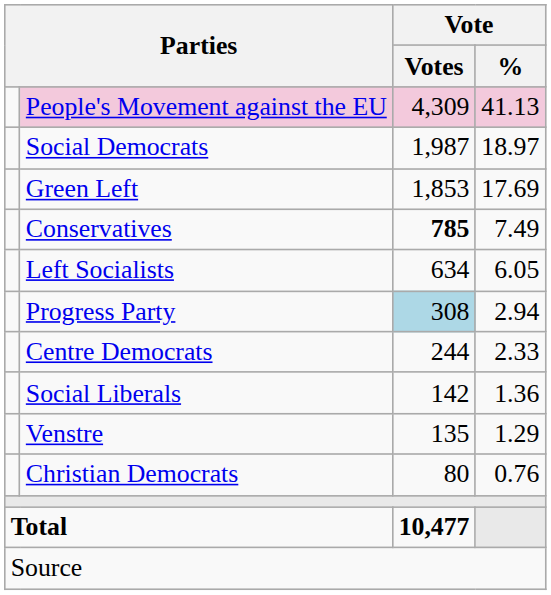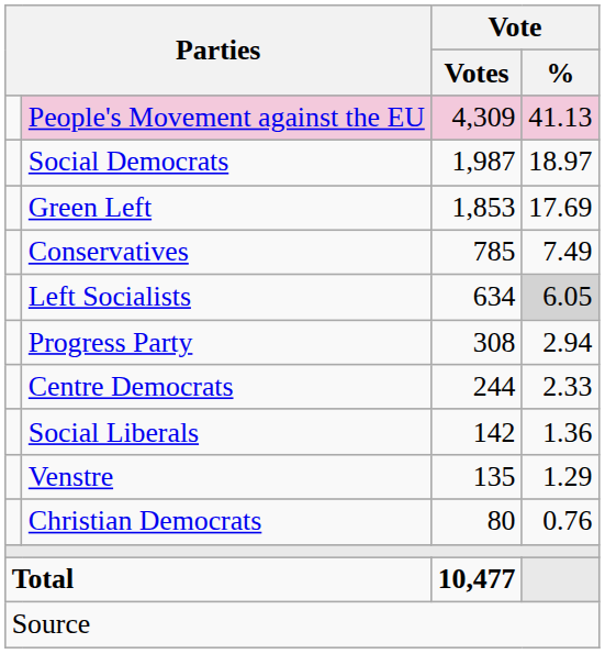 <table class="wikitable" style="text-align:right;">
 <tr>
 <th style="text-align:centre;" rowspan="2" colspan="2" width="225">Parties</th>
 <th colspan="3">Vote</th>
 </tr>
 <tr>
 <th width="15">Votes</th>
 <th width="15">%</th>
 </tr>
 <tr>
 <td width="2" style="color:inherit;background:"></td>
 <td bgcolor=#f3c9dc   align="left"><a href='#'>People's Movement against the EU</a></td>
 <td bgcolor=#f3c9dc>4,309</td>
 <td bgcolor=#f3c9dc>41.13</td>
 </tr>
 <tr>
 <td width="2" style="color:inherit;background:"></td>
 <td align="left"><a href='#'>Social Democrats</a></td>
 <td>1,987</td>
 <td>18.97</td>
 </tr>
 <tr>
 <td width="2" style="color:inherit;background:"></td>
 <td align="left"><a href='#'>Green Left</a></td>
 <td>1,853</td>
 <td>17.69</td>
 </tr>
 <tr>
 <td width="2" style="color:inherit;background:"></td>
 <td align="left"><a href='#'>Conservatives</a></td>
-<td><strong>785</strong></td>
+<td>785</td>
 <td>7.49</td>
 </tr>
 <tr>
 <td width="2" style="color:inherit;background:"></td>
 <td align="left"><a href='#'>Left Socialists</a></td>
 <td>634</td>
-<td>6.05</td>
+<td style="background: lightgrey;">6.05</td>
 </tr>
 <tr>
 <td width="2" style="color:inherit;background:"></td>
 <td align="left"><a href='#'>Progress Party</a></td>
-<td style="background: lightblue;">308</td>
+<td>308</td>
 <td>2.94</td>
 </tr>
 <tr>
 <td width="2" style="color:inherit;background:"></td>
 <td align="left"><a href='#'>Centre Democrats</a></td>
 <td>244</td>
 <td>2.33</td>
 </tr>
 <tr>
 <td width="2" style="color:inherit;background:"></td>
 <td align="left"><a href='#'>Social Liberals</a></td>
 <td>142</td>
 <td>1.36</td>
 </tr>
 <tr>
 <td width="2" style="color:inherit;background:"></td>
 <td align="left"><a href='#'>Venstre</a></td>
 <td>135</td>
 <td>1.29</td>
 </tr>
 <tr>
 <td width="2" style="color:inherit;background:"></td>
 <td align="left"><a href='#'>Christian Democrats</a></td>
 <td>80</td>
 <td>0.76</td>
 </tr>
 <tr>
 <td colspan="7" bgcolor="#E9E9E9"></td>
 </tr>
 <tr>
 <td align="left" colspan="2"><strong>Total</strong></td>
 <td><strong>10,477</strong></td>
 <td bgcolor="#E9E9E9" colspan="2"></td>
 </tr>
 <tr>
 <td align="left" colspan="6">Source</td>
 </tr>
 </table>
